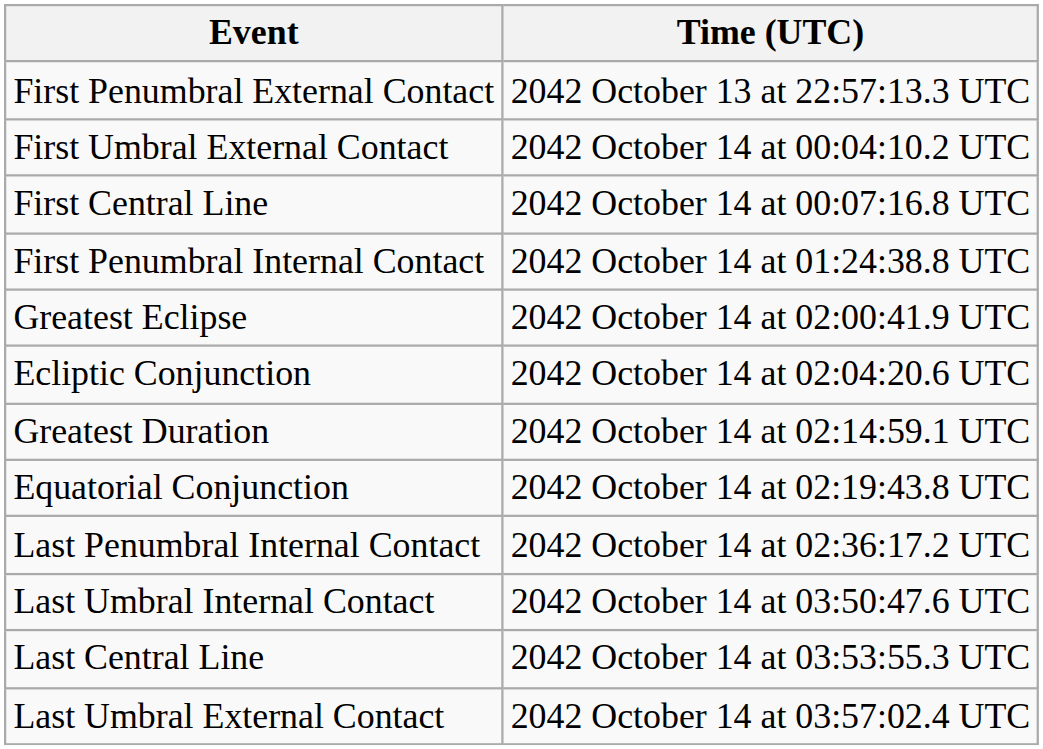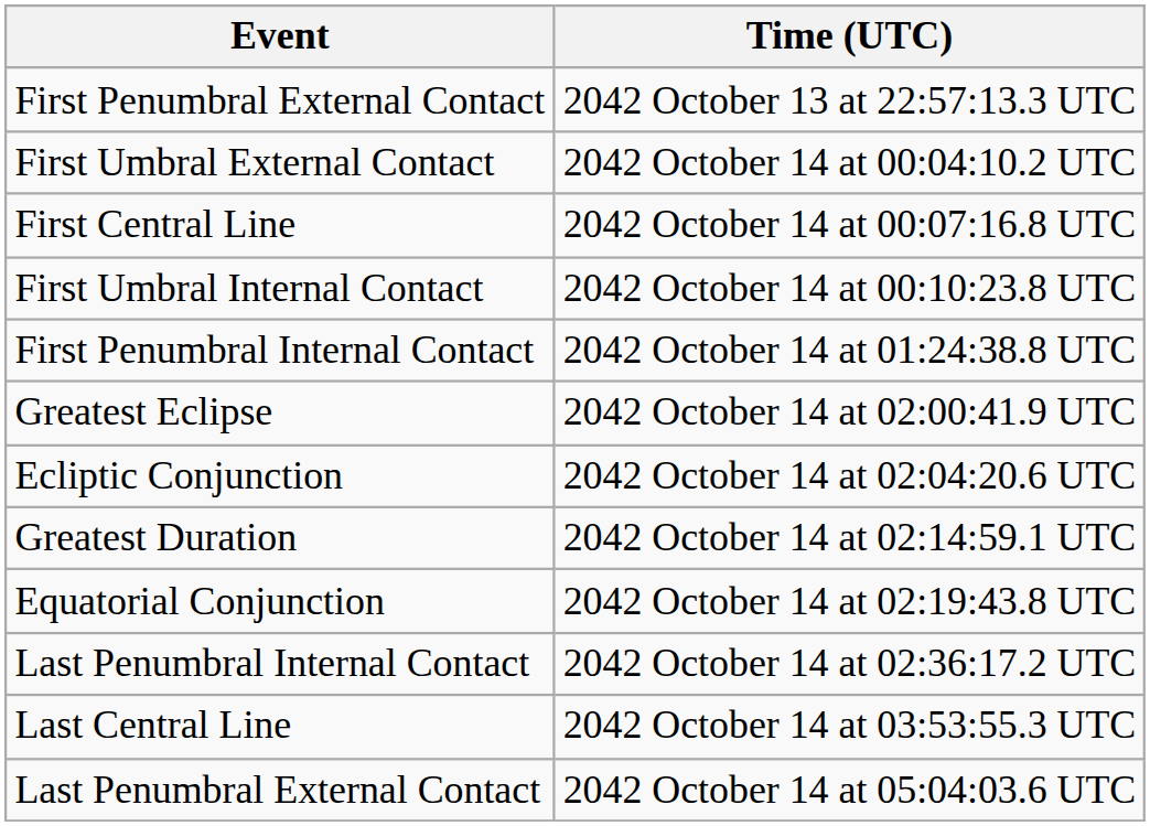 <table class="wikitable">
 <tr>
 <th>Event</th>
 <th>Time (UTC)</th>
 </tr>
 <tr>
 <td>First Penumbral External Contact</td>
 <td>2042 October 13 at 22:57:13.3 UTC</td>
 </tr>
 <tr>
 <td>First Umbral External Contact</td>
 <td>2042 October 14 at 00:04:10.2 UTC</td>
 </tr>
 <tr>
 <td>First Central Line</td>
 <td>2042 October 14 at 00:07:16.8 UTC</td>
+</tr>
+<tr>
+<td>First Umbral Internal Contact</td>
+<td>2042 October 14 at 00:10:23.8 UTC</td>
 </tr>
 <tr>
 <td>First Penumbral Internal Contact</td>
 <td>2042 October 14 at 01:24:38.8 UTC</td>
 </tr>
 <tr>
 <td>Greatest Eclipse</td>
 <td>2042 October 14 at 02:00:41.9 UTC</td>
 </tr>
 <tr>
 <td>Ecliptic Conjunction</td>
 <td>2042 October 14 at 02:04:20.6 UTC</td>
 </tr>
 <tr>
 <td>Greatest Duration</td>
 <td>2042 October 14 at 02:14:59.1 UTC</td>
 </tr>
 <tr>
 <td>Equatorial Conjunction</td>
 <td>2042 October 14 at 02:19:43.8 UTC</td>
 </tr>
 <tr>
 <td>Last Penumbral Internal Contact</td>
 <td>2042 October 14 at 02:36:17.2 UTC</td>
 </tr>
 <tr>
-<td>Last Umbral Internal Contact</td>
-<td>2042 October 14 at 03:50:47.6 UTC</td>
-</tr>
-<tr>
 <td>Last Central Line</td>
 <td>2042 October 14 at 03:53:55.3 UTC</td>
 </tr>
 <tr>
-<td>Last Umbral External Contact</td>
-<td>2042 October 14 at 03:57:02.4 UTC</td>
+<td>Last Penumbral External Contact</td>
+<td>2042 October 14 at 05:04:03.6 UTC</td>
 </tr>
 </table>
